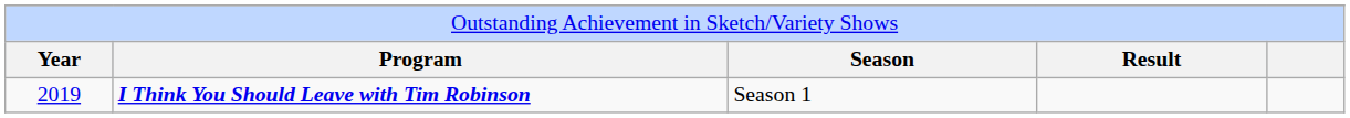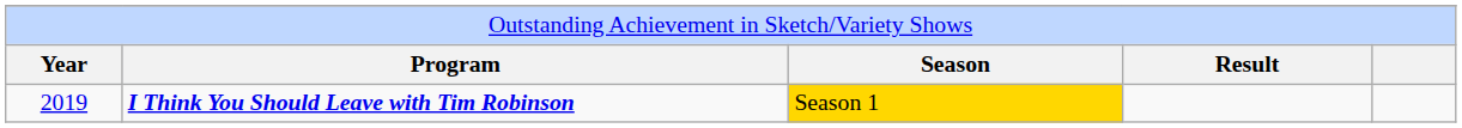 <table class="wikitable plainrowheaders" style="font-size: 90%" width=70%>
 <tr>
 </tr>
 <tr ---- bgcolor="#bfd7ff">
 <td colspan=5 align=center><a href='#'>Outstanding Achievement in Sketch/Variety Shows</a></td>
 </tr>
 <tr ---- bgcolor="#ebf5ff">
 <th scope="col" style="width:7%;">Year</th>
 <th scope="col" style="width:40%;">Program</th>
 <th scope="col" style="width:20%;">Season</th>
 <th scope="col" style="width:15%;">Result</th>
 <th scope="col" class="unsortable" style="width:5%;"></th>
 </tr>
 <tr>
 <td style="text-align:center;"><a href='#'>2019</a></td>
 <td><strong><em><a href='#'>I Think You Should Leave with Tim Robinson</a></em></strong></td>
-<td>Season 1</td>
+<td style="background: gold;">Season 1</td>
 <td></td>
 <td style="text-align:center;"></td>
 </tr>
 </table>
